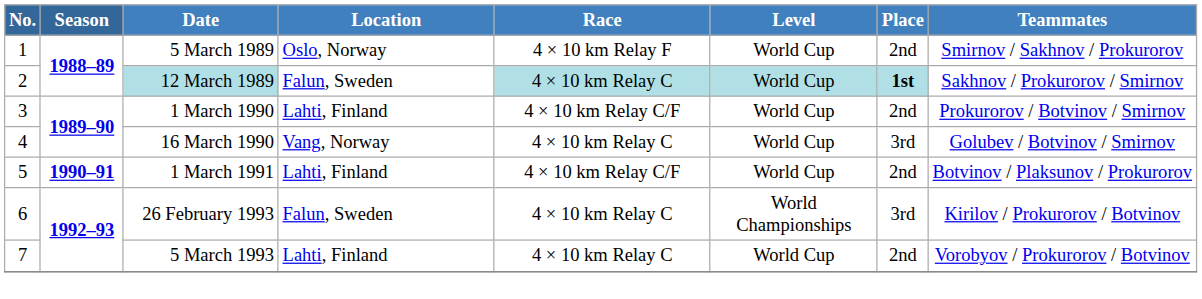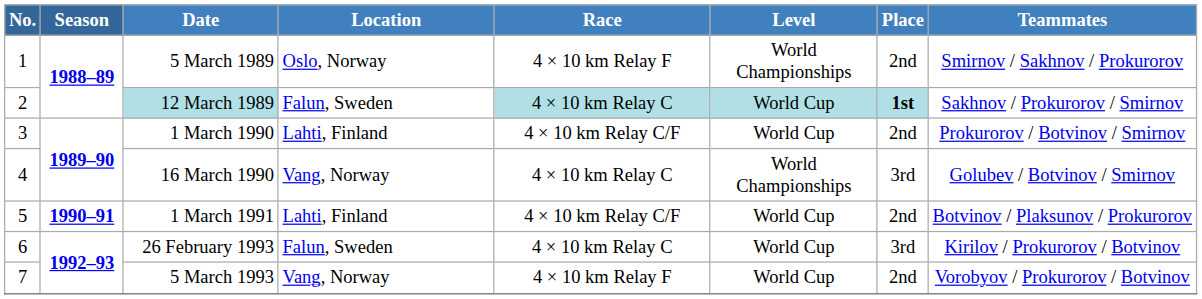 <table class="wikitable sortable" style="font-size:95%; text-align:center; border:grey solid 1px; border-collapse:collapse; background:#ffffff;">
 <tr style="background:#efefef;">
 <th style="background-color:#369; color:white;">No.</th>
 <th style="background-color:#369; color:white;">Season</th>
 <th style="background-color:#4180be; color:white; width:120px;">Date</th>
 <th style="background-color:#4180be; color:white; width:170px;">Location</th>
 <th style="background-color:#4180be; color:white; width:170px;">Race</th>
 <th style="background-color:#4180be; color:white; width:130px;">Level</th>
 <th style="background-color:#4180be; color:white;"><strong>Place</strong></th>
 <th style="background-color:#4180be; color:white;">Teammates</th>
 </tr>
 <tr>
 <td align=center>1</td>
 <td rowspan=2 align=center><strong> <a href='#'>1988–89</a> </strong></td>
 <td align=right>5 March 1989</td>
 <td align=left> <a href='#'>Oslo</a>, Norway</td>
 <td>4 × 10 km Relay F</td>
-<td>World Cup</td>
+<td>World Championships</td>
 <td>2nd</td>
 <td><a href='#'>Smirnov</a> / <a href='#'>Sakhnov</a> / <a href='#'>Prokurorov</a></td>
 </tr>
 <tr>
 <td align=center>2</td>
 <td bgcolor="#BOEOE6" align=right>12 March 1989</td>
 <td align=left> <a href='#'>Falun</a>, Sweden</td>
 <td bgcolor="#BOEOE6">4 × 10 km Relay C</td>
 <td bgcolor="#BOEOE6">World Cup</td>
 <td bgcolor="#BOEOE6"><strong>1st</strong></td>
 <td><a href='#'>Sakhnov</a> / <a href='#'>Prokurorov</a> / <a href='#'>Smirnov</a></td>
 </tr>
 <tr>
 <td align=center>3</td>
 <td rowspan=2 align=center><strong> <a href='#'>1989–90</a> </strong></td>
 <td align=right>1 March 1990</td>
 <td align=left> <a href='#'>Lahti</a>, Finland</td>
 <td>4 × 10 km Relay C/F</td>
 <td>World Cup</td>
 <td>2nd</td>
 <td><a href='#'>Prokurorov</a> / <a href='#'>Botvinov</a> / <a href='#'>Smirnov</a></td>
 </tr>
 <tr>
 <td align=center>4</td>
 <td align=right>16 March 1990</td>
 <td align=left> <a href='#'>Vang</a>, Norway</td>
 <td>4 × 10 km Relay C</td>
-<td>World Cup</td>
+<td>World Championships</td>
 <td>3rd</td>
 <td><a href='#'>Golubev</a> / <a href='#'>Botvinov</a> / <a href='#'>Smirnov</a></td>
 </tr>
 <tr>
 <td align=center>5</td>
 <td rowspan=1 align=center><strong> <a href='#'>1990–91</a> </strong></td>
 <td align=right>1 March 1991</td>
 <td align=left> <a href='#'>Lahti</a>, Finland</td>
 <td>4 × 10 km Relay C/F</td>
 <td>World Cup</td>
 <td>2nd</td>
 <td><a href='#'>Botvinov</a> / <a href='#'>Plaksunov</a> / <a href='#'>Prokurorov</a></td>
 </tr>
 <tr>
 <td align=center>6</td>
 <td rowspan=2 align=center><strong> <a href='#'>1992–93</a> </strong></td>
 <td align=right>26 February 1993</td>
 <td align=left> <a href='#'>Falun</a>, Sweden</td>
 <td>4 × 10 km Relay C</td>
-<td>World Championships</td>
+<td>World Cup</td>
 <td>3rd</td>
 <td><a href='#'>Kirilov</a> / <a href='#'>Prokurorov</a> / <a href='#'>Botvinov</a></td>
 </tr>
 <tr>
 <td align=center>7</td>
 <td align=right>5 March 1993</td>
-<td align=left> <a href='#'>Lahti</a>, Finland</td>
-<td>4 × 10 km Relay C</td>
+<td align=left> <a href='#'>Vang</a>, Norway</td>
+<td>4 × 10 km Relay F</td>
 <td>World Cup</td>
 <td>2nd</td>
 <td><a href='#'>Vorobyov</a> / <a href='#'>Prokurorov</a> / <a href='#'>Botvinov</a></td>
 </tr>
 <tr>
 </tr>
 </table>
